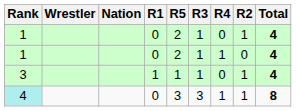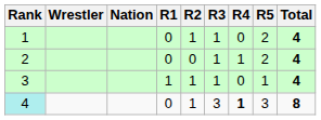 <table class="wikitable sortable" style="text-align:center;">
 <tr>
 <th>Rank</th>
 <th>Wrestler</th>
 <th>Nation</th>
 <th>R1</th>
-<th>R5</th>
+<th>R2</th>
 <th>R3</th>
 <th>R4</th>
-<th>R2</th>
+<th>R5</th>
 <th>Total</th>
 </tr>
 <tr style="background:#cfc;">
 <td>1</td>
 <td align=left></td>
 <td align=left></td>
 <td>0</td>
-<td>2</td>
+<td>1</td>
 <td>1</td>
 <td>0</td>
-<td>1</td>
+<td>2</td>
 <td><strong>4</strong></td>
 </tr>
 <tr style="background:#cfc;">
-<td>1</td>
+<td>2</td>
 <td align=left></td>
 <td align=left></td>
 <td>0</td>
-<td>2</td>
+<td>0</td>
 <td>1</td>
 <td>1</td>
-<td>0</td>
+<td>2</td>
 <td><strong>4</strong></td>
 </tr>
 <tr style="background:#cfc;">
 <td>3</td>
 <td align=left></td>
 <td align=left></td>
 <td>1</td>
 <td>1</td>
 <td>1</td>
 <td>0</td>
 <td>1</td>
 <td><strong>4</strong></td>
 </tr>
 <tr>
 <td style="background: paleturquoise;">4</td>
 <td align=left></td>
 <td align=left></td>
 <td>0</td>
+<td>1</td>
 <td>3</td>
+<td><strong>1</strong></td>
 <td>3</td>
-<td>1</td>
-<td>1</td>
 <td><strong>8</strong></td>
 </tr>
 </table>
